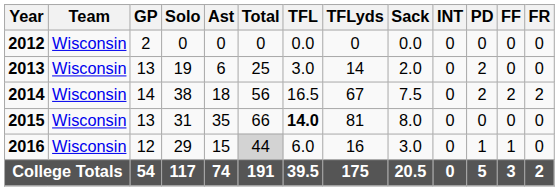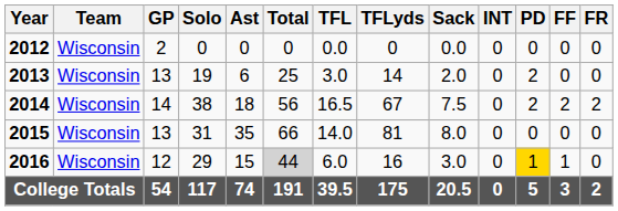 <table class="wikitable" style="text-align:center;">
 <tr>
 <th>Year</th>
 <th>Team</th>
 <th>GP</th>
 <th>Solo</th>
 <th>Ast</th>
 <th>Total</th>
 <th>TFL</th>
 <th>TFLyds</th>
 <th>Sack</th>
 <th>INT</th>
 <th>PD</th>
 <th>FF</th>
 <th>FR</th>
 </tr>
 <tr>
 <td><strong>2012</strong></td>
 <td><a href='#'>Wisconsin</a></td>
 <td>2</td>
 <td>0</td>
 <td>0</td>
 <td>0</td>
 <td>0.0</td>
 <td>0</td>
 <td>0.0</td>
 <td>0</td>
 <td>0</td>
 <td>0</td>
 <td>0</td>
 </tr>
 <tr>
 <td><strong>2013</strong></td>
 <td><a href='#'>Wisconsin</a></td>
 <td>13</td>
 <td>19</td>
 <td>6</td>
 <td>25</td>
 <td>3.0</td>
 <td>14</td>
 <td>2.0</td>
 <td>0</td>
 <td>2</td>
 <td>0</td>
 <td>0</td>
 </tr>
 <tr>
 <td><strong>2014</strong></td>
 <td><a href='#'>Wisconsin</a></td>
 <td>14</td>
 <td>38</td>
 <td>18</td>
 <td>56</td>
 <td>16.5</td>
 <td>67</td>
 <td>7.5</td>
 <td>0</td>
 <td>2</td>
 <td>2</td>
 <td>2</td>
 </tr>
 <tr>
 <td><strong>2015</strong></td>
 <td><a href='#'>Wisconsin</a></td>
 <td>13</td>
 <td>31</td>
 <td>35</td>
 <td>66</td>
-<td><strong>14.0</strong></td>
+<td>14.0</td>
 <td>81</td>
 <td>8.0</td>
 <td>0</td>
 <td>0</td>
 <td>0</td>
 <td>0</td>
 </tr>
 <tr>
 <td><strong>2016</strong></td>
 <td><a href='#'>Wisconsin</a></td>
 <td>12</td>
 <td>29</td>
 <td>15</td>
 <td style="background: lightgrey;">44</td>
 <td>6.0</td>
 <td>16</td>
 <td>3.0</td>
 <td>0</td>
-<td>1</td>
+<td style="background: gold;">1</td>
 <td>1</td>
 <td>0</td>
 </tr>
 <tr style="background:#555; font-weight:bold; color:white;">
 <td colspan=2>College Totals</td>
 <td>54</td>
 <td>117</td>
 <td>74</td>
 <td>191</td>
 <td>39.5</td>
 <td>175</td>
 <td>20.5</td>
 <td>0</td>
 <td>5</td>
 <td>3</td>
 <td>2</td>
 </tr>
 </table>
